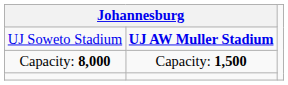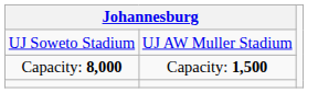 <table class="wikitable" style="text-align:center">
 <tr>
 <th colspan=2><a href='#'>Johannesburg</a></th>
 <td rowspan="4" text-align="center"></td>
 </tr>
 <tr>
 <td><a href='#'>UJ Soweto Stadium</a></td>
-<td><strong><a href='#'>UJ AW Muller Stadium</a></strong></td>
+<td><a href='#'>UJ AW Muller Stadium</a></td>
 </tr>
 <tr>
 <td>Capacity: <strong>8,000</strong></td>
 <td>Capacity: <strong>1,500</strong></td>
 </tr>
 <tr>
 <td></td>
 <td></td>
 </tr>
 </table>
